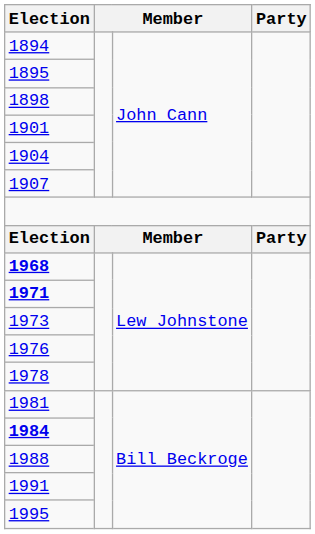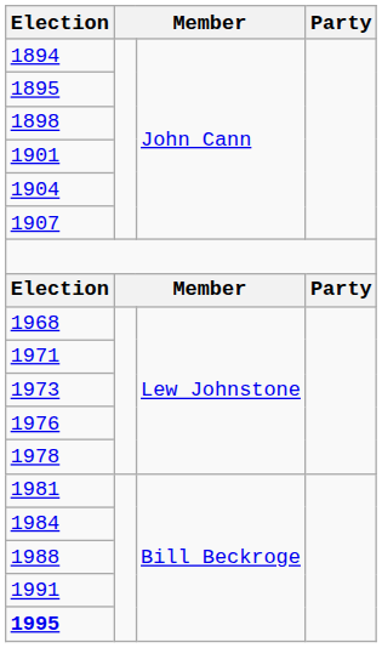 <table class="wikitable">
 <tr>
 <th>Election</th>
 <th colspan="2">Member</th>
 <th>Party</th>
 </tr>
 <tr style="background: #f9f9f9">
 <td><a href='#'>1894</a></td>
 <td rowspan="6" > </td>
 <td rowspan="6"><a href='#'>John Cann</a></td>
 <td rowspan="6"></td>
 </tr>
 <tr style="background: #f9f9f9">
 <td><a href='#'>1895</a></td>
 </tr>
 <tr style="background: #f9f9f9">
 <td><a href='#'>1898</a></td>
 </tr>
 <tr style="background: #f9f9f9">
 <td><a href='#'>1901</a></td>
 </tr>
 <tr style="background: #f9f9f9">
 <td><a href='#'>1904</a></td>
 </tr>
 <tr style="background: #f9f9f9">
 <td><a href='#'>1907</a></td>
 </tr>
 <tr>
 <td colspan="4" style='border-style: none none none none;'> </td>
 </tr>
 <tr>
 <th>Election</th>
 <th colspan="2">Member</th>
 <th>Party</th>
 </tr>
 <tr style="background: #f9f9f9">
-<td><strong><a href='#'>1968</a></strong></td>
+<td><a href='#'>1968</a></td>
 <td rowspan="5" > </td>
 <td rowspan="5"><a href='#'>Lew Johnstone</a></td>
 <td rowspan="5"></td>
 </tr>
 <tr style="background: #f9f9f9">
-<td><strong><a href='#'>1971</a></strong></td>
+<td><a href='#'>1971</a></td>
 </tr>
 <tr style="background: #f9f9f9">
 <td><a href='#'>1973</a></td>
 </tr>
 <tr style="background: #f9f9f9">
 <td><a href='#'>1976</a></td>
 </tr>
 <tr style="background: #f9f9f9">
 <td><a href='#'>1978</a></td>
 </tr>
 <tr style="background: #f9f9f9">
 <td><a href='#'>1981</a></td>
 <td rowspan="5" > </td>
 <td rowspan="5"><a href='#'>Bill Beckroge</a></td>
 <td rowspan="5"></td>
 </tr>
 <tr style="background: #f9f9f9">
-<td><strong><a href='#'>1984</a></strong></td>
+<td><a href='#'>1984</a></td>
 </tr>
 <tr style="background: #f9f9f9">
 <td><a href='#'>1988</a></td>
 </tr>
 <tr style="background: #f9f9f9">
 <td><a href='#'>1991</a></td>
 </tr>
 <tr style="background: #f9f9f9">
-<td><a href='#'>1995</a></td>
+<td><strong><a href='#'>1995</a></strong></td>
 </tr>
 </table>
